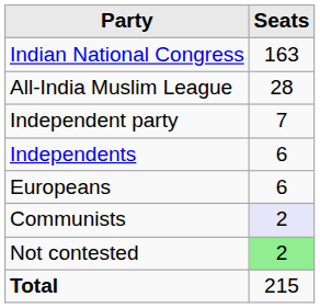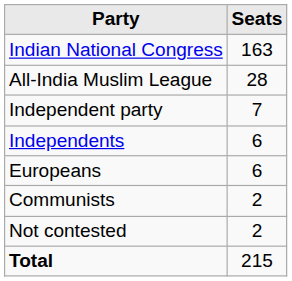 <table class="wikitable">
 <tr>
 <th style="background-color:#E9E9E9" align=left valign=top>Party</th>
 <th style="background-color:#E9E9E9" align=right>Seats</th>
 </tr>
 <tr>
 <td align=left><a href='#'>Indian National Congress</a></td>
 <td align=center>163</td>
 </tr>
 <tr>
 <td align=left>All-India Muslim League</td>
 <td align=center>28</td>
 </tr>
 <tr>
 <td align=left>Independent party</td>
 <td align=center>7</td>
 </tr>
 <tr>
 <td align=left><a href='#'>Independents</a></td>
 <td align=center>6</td>
 </tr>
 <tr>
 <td align=left>Europeans</td>
 <td align=center>6</td>
 </tr>
 <tr>
 <td align=left>Communists</td>
-<td align=center style="background: lavender;">2</td>
+<td align=center>2</td>
 </tr>
 <tr>
 <td align=left>Not contested</td>
-<td align=center style="background: lightgreen;">2</td>
+<td align=center>2</td>
 </tr>
 <tr>
 <td align=left><strong>Total</strong></td>
 <td align=center>215</td>
 </tr>
 </table>
